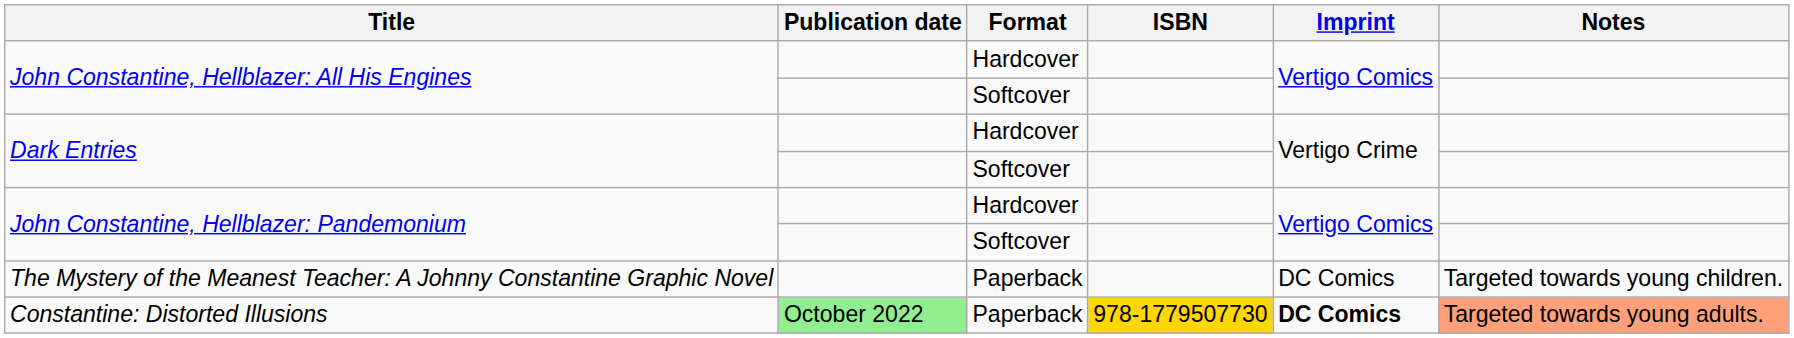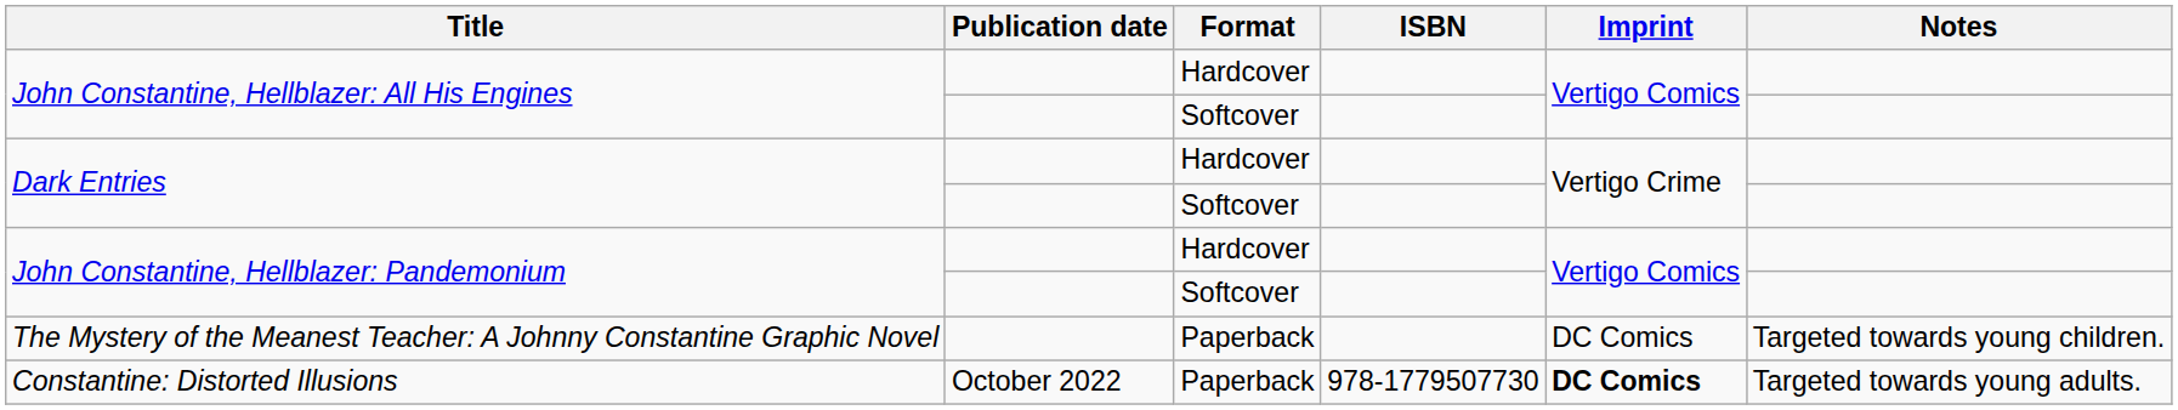 <table class="wikitable">
 <tr>
 <th>Title</th>
 <th>Publication date</th>
 <th>Format</th>
 <th>ISBN</th>
 <th><a href='#'>Imprint</a></th>
 <th>Notes</th>
 </tr>
 <tr>
 <td rowspan="2"><em><a href='#'>John Constantine, Hellblazer: All His Engines</a></em></td>
 <td></td>
 <td>Hardcover</td>
 <td></td>
 <td rowspan="2"><a href='#'>Vertigo Comics</a></td>
 <td></td>
 </tr>
 <tr>
 <td></td>
 <td>Softcover</td>
 <td></td>
 <td></td>
 </tr>
 <tr>
 <td rowspan="2"><em><a href='#'>Dark Entries</a></em></td>
 <td></td>
 <td>Hardcover</td>
 <td></td>
 <td rowspan="2">Vertigo Crime</td>
 <td></td>
 </tr>
 <tr>
 <td></td>
 <td>Softcover</td>
 <td></td>
 <td></td>
 </tr>
 <tr>
 <td rowspan="2"><em><a href='#'>John Constantine, Hellblazer: Pandemonium</a></em></td>
 <td></td>
 <td>Hardcover</td>
 <td></td>
 <td rowspan="2"><a href='#'>Vertigo Comics</a></td>
 <td></td>
 </tr>
 <tr>
 <td></td>
 <td>Softcover</td>
 <td></td>
 <td></td>
 </tr>
 <tr>
 <td><em>The Mystery of the Meanest Teacher: A Johnny Constantine Graphic Novel</em></td>
 <td></td>
 <td>Paperback</td>
 <td></td>
 <td>DC Comics</td>
 <td>Targeted towards young children.</td>
 </tr>
 <tr>
 <td><em>Constantine: Distorted Illusions</em></td>
-<td style="background: lightgreen;">October 2022</td>
+<td>October 2022</td>
 <td>Paperback</td>
-<td style="background: gold;">978-1779507730</td>
+<td>978-1779507730</td>
 <td><strong>DC Comics</strong></td>
-<td style="background: lightsalmon;">Targeted towards young adults.</td>
+<td>Targeted towards young adults.</td>
 </tr>
 </table>
